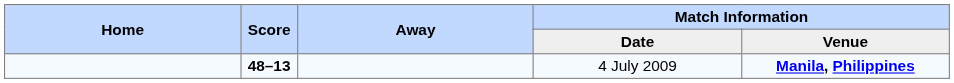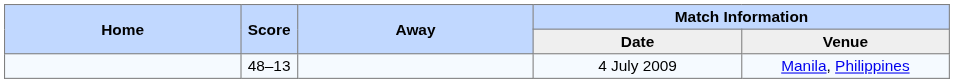 <table border=1 style="border-collapse:collapse; font-size:90%; text-align:center;" cellpadding=3 cellspacing=0 width=100%>
 <tr bgcolor=#C1D8FF>
 <th rowspan=2 width=25%>Home</th>
 <th rowspan=2 width=6%>Score</th>
 <th rowspan=2 width=25%>Away</th>
 <th colspan=6>Match Information</th>
 </tr>
 <tr bgcolor=#EFEFEF>
 <th width=22%>Date</th>
 <th width=22%>Venue</th>
 </tr>
 <tr bgcolor=#F5FAFF>
 <td align=right><strong></strong></td>
-<td><strong>48–13</strong></td>
+<td>48–13</td>
 <td align=left></td>
 <td>4 July 2009</td>
-<td><strong><a href='#'>Manila</a>, <a href='#'>Philippines</a></strong></td>
+<td><a href='#'>Manila</a>, <a href='#'>Philippines</a></td>
 </tr>
 </table>
